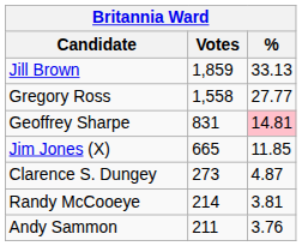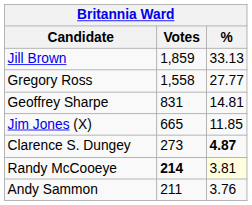 <table class="wikitable">
 <tr>
 <th colspan="3"><a href='#'>Britannia Ward</a></th>
 </tr>
 <tr>
 <th style="width: 170px">Candidate</th>
 <th style="width: 50px">Votes</th>
 <th style="width: 40px">%</th>
 </tr>
 <tr>
 <td><a href='#'>Jill Brown</a></td>
 <td>1,859</td>
 <td>33.13</td>
 </tr>
 <tr>
 <td>Gregory Ross</td>
 <td>1,558</td>
 <td>27.77</td>
 </tr>
 <tr>
 <td>Geoffrey Sharpe</td>
 <td>831</td>
-<td style="background: pink;">14.81</td>
+<td>14.81</td>
 </tr>
 <tr>
 <td><a href='#'>Jim Jones</a> (X)</td>
 <td>665</td>
 <td>11.85</td>
 </tr>
 <tr>
 <td>Clarence S. Dungey</td>
 <td>273</td>
-<td>4.87</td>
+<td><strong>4.87</strong></td>
 </tr>
 <tr>
 <td>Randy McCooeye</td>
-<td>214</td>
-<td>3.81</td>
+<td><strong>214</strong></td>
+<td style="background: lightyellow;">3.81</td>
 </tr>
 <tr>
 <td>Andy Sammon</td>
 <td>211</td>
 <td>3.76</td>
 </tr>
 </table>
